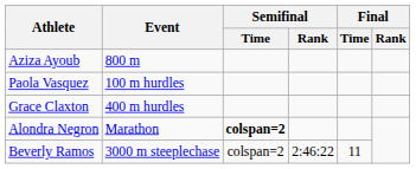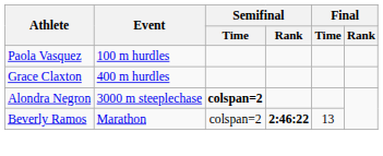 <table class=wikitable style=font-size:90%;text-align:center>
 <tr>
 <th rowspan=2>Athlete</th>
 <th rowspan=2>Event</th>
 <th colspan=2>Semifinal</th>
 <th colspan=2>Final</th>
 </tr>
 <tr style=font-size:95%>
 <th>Time</th>
 <th>Rank</th>
 <th>Time</th>
 <th>Rank</th>
-</tr>
-<tr>
-<td align=left><a href='#'>Aziza Ayoub</a></td>
-<td align=left><a href='#'>800 m</a></td>
-<td></td>
-<td></td>
-<td></td>
-<td></td>
 </tr>
 <tr>
 <td align=left><a href='#'>Paola Vasquez</a></td>
 <td align=left><a href='#'>100 m hurdles</a></td>
 <td></td>
 <td></td>
 <td></td>
 <td></td>
 </tr>
 <tr>
 <td align=left><a href='#'>Grace Claxton</a></td>
 <td align=left><a href='#'>400 m hurdles</a></td>
 <td></td>
 <td></td>
 <td></td>
 <td></td>
 </tr>
 <tr>
 <td align=left><a href='#'>Alondra Negron</a></td>
-<td align=left><a href='#'>Marathon</a></td>
+<td align=left><a href='#'>3000 m steeplechase</a></td>
 <td><strong>colspan=2 </strong></td>
 <td></td>
 <td></td>
 </tr>
 <tr>
 <td align=left><a href='#'>Beverly Ramos</a></td>
-<td align=left><a href='#'>3000 m steeplechase</a></td>
+<td align=left><a href='#'>Marathon</a></td>
 <td>colspan=2 </td>
-<td>2:46:22</td>
-<td>11</td>
+<td><strong>2:46:22</strong></td>
+<td>13</td>
 </tr>
 </table>
